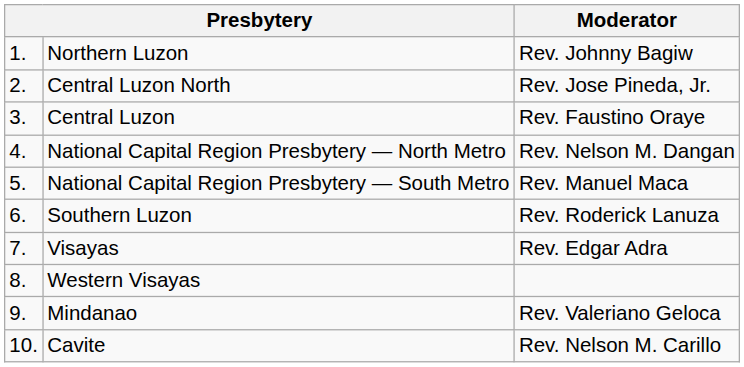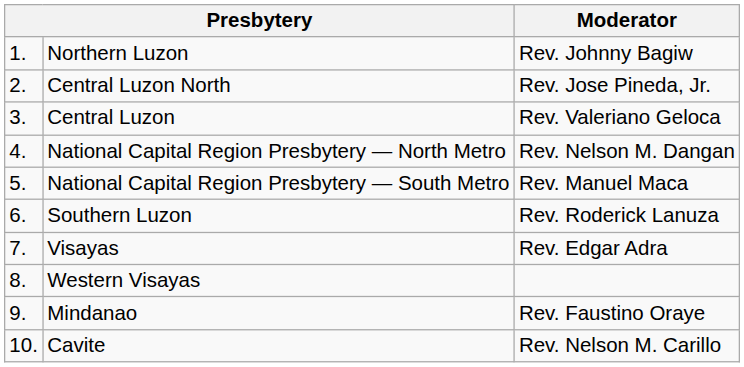 <table class="wikitable">
 <tr>
 <th colspan=2>Presbytery</th>
 <th>Moderator</th>
 </tr>
 <tr>
 <td>1.</td>
 <td>Northern Luzon</td>
 <td>Rev. Johnny Bagiw</td>
 </tr>
 <tr>
 <td>2.</td>
 <td>Central Luzon North</td>
 <td>Rev. Jose Pineda, Jr.</td>
 </tr>
 <tr>
 <td>3.</td>
 <td>Central Luzon</td>
-<td>Rev. Faustino Oraye</td>
+<td>Rev. Valeriano Geloca</td>
 </tr>
 <tr>
 <td>4.</td>
 <td>National Capital Region Presbytery ― North Metro</td>
 <td>Rev. Nelson M. Dangan</td>
 </tr>
 <tr>
 <td>5.</td>
 <td>National Capital Region Presbytery ― South Metro</td>
 <td>Rev. Manuel Maca</td>
 </tr>
 <tr>
 <td>6.</td>
 <td>Southern Luzon</td>
 <td>Rev. Roderick Lanuza</td>
 </tr>
 <tr>
 <td>7.</td>
 <td>Visayas</td>
 <td>Rev. Edgar Adra</td>
 </tr>
 <tr>
 <td>8.</td>
 <td>Western Visayas</td>
 <td></td>
 </tr>
 <tr>
 <td>9.</td>
 <td>Mindanao</td>
-<td>Rev. Valeriano Geloca</td>
+<td>Rev. Faustino Oraye</td>
 </tr>
 <tr>
 <td>10.</td>
 <td>Cavite</td>
 <td>Rev. Nelson M. Carillo</td>
 </tr>
 </table>
